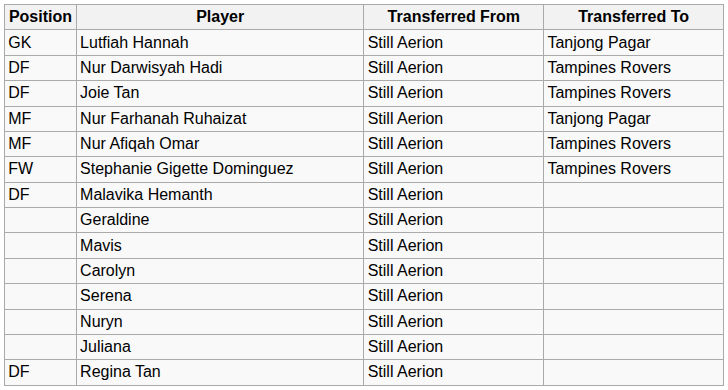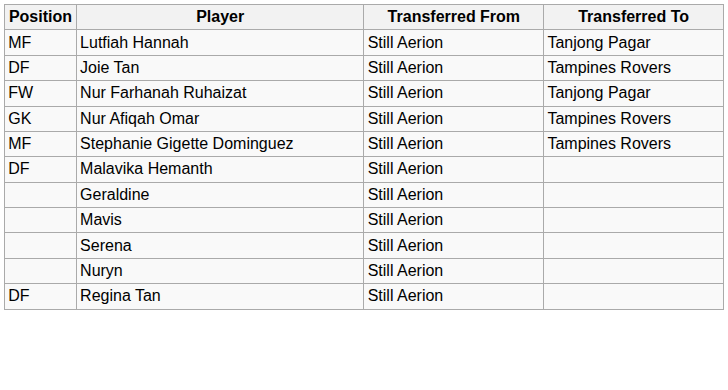 <table class="wikitable sortable" style="width:45em; text-align:center; font-size:100%; text-align:left;">
 <tr>
 <th style="width:10%;">Position</th>
 <th style="width:40%;">Player</th>
 <th style="width:25%;">Transferred From</th>
 <th style="width:25%;">Transferred To</th>
 </tr>
 <tr>
-<td>GK</td>
+<td>MF</td>
 <td> Lutfiah Hannah</td>
 <td> Still Aerion</td>
 <td> Tanjong Pagar</td>
-</tr>
-<tr>
-<td>DF</td>
-<td> Nur Darwisyah Hadi</td>
-<td> Still Aerion</td>
-<td> Tampines Rovers</td>
 </tr>
 <tr>
 <td>DF</td>
 <td> Joie Tan</td>
 <td> Still Aerion</td>
 <td> Tampines Rovers</td>
 </tr>
 <tr>
-<td>MF</td>
+<td>FW</td>
 <td> Nur Farhanah Ruhaizat</td>
 <td> Still Aerion</td>
 <td> Tanjong Pagar</td>
 </tr>
 <tr>
-<td>MF</td>
+<td>GK</td>
 <td> Nur Afiqah Omar</td>
 <td> Still Aerion</td>
 <td> Tampines Rovers</td>
 </tr>
 <tr>
-<td>FW</td>
+<td>MF</td>
 <td> Stephanie Gigette Dominguez</td>
 <td> Still Aerion</td>
 <td> Tampines Rovers</td>
 </tr>
 <tr>
 <td>DF</td>
 <td> Malavika Hemanth</td>
 <td> Still Aerion</td>
 <td></td>
 </tr>
 <tr>
 <td></td>
 <td> Geraldine</td>
 <td> Still Aerion</td>
 <td></td>
 </tr>
 <tr>
 <td></td>
 <td> Mavis</td>
 <td> Still Aerion</td>
 <td></td>
 </tr>
 <tr>
 <td></td>
-<td> Carolyn</td>
-<td> Still Aerion</td>
-<td></td>
-</tr>
-<tr>
-<td></td>
 <td> Serena</td>
 <td> Still Aerion</td>
 <td></td>
 </tr>
 <tr>
 <td></td>
 <td> Nuryn</td>
 <td> Still Aerion</td>
 <td></td>
 </tr>
 <tr>
-<td></td>
-<td> Juliana</td>
-<td>Still Aerion</td>
-<td></td>
-</tr>
-<tr>
 <td>DF</td>
 <td> Regina Tan</td>
 <td>Still Aerion</td>
 <td></td>
 </tr>
 <tr>
 </tr>
 </table>
